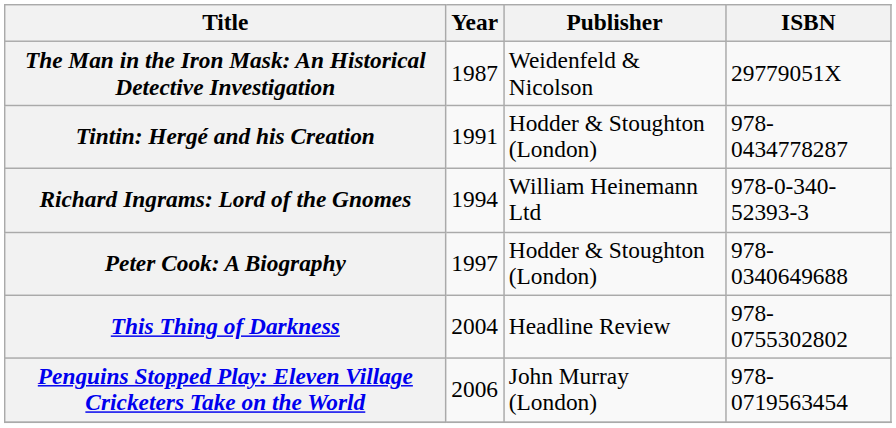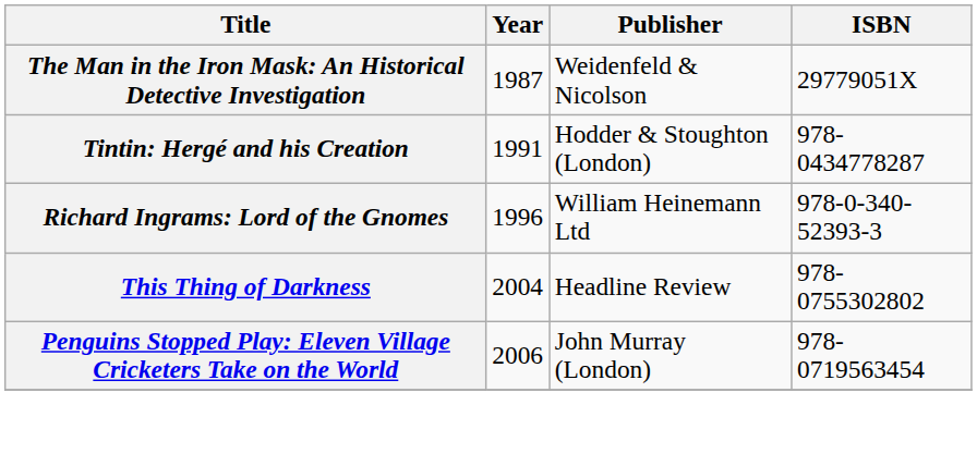 <table class="wikitable plainrowheaders sortable">
 <tr>
 <th scope="col">Title</th>
 <th scope="col">Year</th>
 <th scope="col">Publisher</th>
 <th scope="col" class="unsortable">ISBN</th>
 </tr>
 <tr>
 <th scope="row"><em>The Man in the Iron Mask: An Historical Detective Investigation</em></th>
 <td>1987</td>
 <td>Weidenfeld & Nicolson</td>
 <td>29779051X</td>
 </tr>
 <tr>
 <th scope="row"><em>Tintin: Hergé and his Creation</em></th>
 <td>1991</td>
 <td>Hodder & Stoughton (London)</td>
 <td>978-0434778287</td>
 </tr>
 <tr>
 <th scope="row"><em>Richard Ingrams: Lord of the Gnomes</em></th>
-<td>1994</td>
+<td>1996</td>
 <td>William Heinemann Ltd</td>
 <td>978-0-340-52393-3</td>
-</tr>
-<tr>
-<th scope="row"><em>Peter Cook: A Biography</em></th>
-<td>1997</td>
-<td>Hodder & Stoughton (London)</td>
-<td>978-0340649688</td>
 </tr>
 <tr>
 <th scope="row"><em><a href='#'>This Thing of Darkness</a></em></th>
 <td>2004</td>
 <td>Headline Review</td>
 <td>978-0755302802</td>
 </tr>
 <tr>
 <th scope="row"><em><a href='#'>Penguins Stopped Play: Eleven Village Cricketers Take on the World</a></em></th>
 <td>2006</td>
 <td>John Murray (London)</td>
 <td>978-0719563454</td>
 </tr>
 <tr>
 </tr>
 </table>
